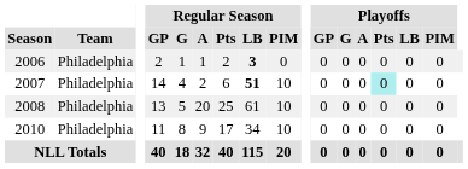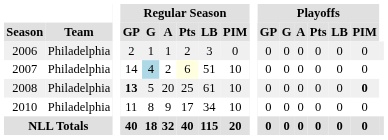 <table BORDER="0" CELLPADDING="3" CELLSPACING="0">
 <tr ALIGN="center" bgcolor="#e0e0e0">
 <th colspan="2" bgcolor="#ffffff"> </th>
 <th rowspan="99" bgcolor="#ffffff"> </th>
 <th colspan="6">Regular Season</th>
 <th rowspan="99" bgcolor="#ffffff"> </th>
 <th colspan="6">Playoffs</th>
 </tr>
 <tr ALIGN="center" bgcolor="#e0e0e0">
 <th>Season</th>
 <th>Team</th>
 <th>GP</th>
 <th>G</th>
 <th>A</th>
 <th>Pts</th>
 <th>LB</th>
 <th>PIM</th>
 <th>GP</th>
 <th>G</th>
 <th>A</th>
 <th>Pts</th>
 <th>LB</th>
 <th>PIM</th>
 </tr>
 <tr ALIGN="center" bgcolor="#f0f0f0">
 <td>2006</td>
 <td>Philadelphia</td>
 <td>2</td>
 <td>1</td>
 <td>1</td>
 <td>2</td>
-<td><strong>3</strong></td>
+<td>3</td>
 <td>0</td>
 <td>0</td>
 <td>0</td>
 <td>0</td>
 <td>0</td>
 <td>0</td>
 <td>0</td>
 <td></td>
 </tr>
 <tr ALIGN="center">
 <td>2007</td>
 <td>Philadelphia</td>
 <td>14</td>
-<td>4</td>
+<td style="background: lightblue;">4</td>
 <td>2</td>
-<td>6</td>
-<td><strong>51</strong></td>
+<td style="background: lightyellow;">6</td>
+<td>51</td>
 <td>10</td>
 <td>0</td>
 <td>0</td>
 <td>0</td>
-<td style="background: paleturquoise;">0</td>
+<td>0</td>
 <td>0</td>
 <td>0</td>
 <td></td>
 </tr>
 <tr ALIGN="center" bgcolor="#f0f0f0">
 <td>2008</td>
 <td>Philadelphia</td>
-<td>13</td>
+<td><strong>13</strong></td>
 <td>5</td>
 <td>20</td>
 <td>25</td>
 <td>61</td>
 <td>10</td>
 <td>0</td>
 <td>0</td>
 <td>0</td>
 <td>0</td>
 <td>0</td>
-<td>0</td>
+<td><strong>0</strong></td>
 </tr>
 <tr ALIGN="center">
 <td>2010</td>
 <td>Philadelphia</td>
 <td>11</td>
 <td>8</td>
 <td>9</td>
 <td>17</td>
 <td>34</td>
 <td>10</td>
 <td>0</td>
 <td>0</td>
 <td>0</td>
 <td>0</td>
 <td>0</td>
 <td>0</td>
 <td></td>
 </tr>
 <tr ALIGN="center" bgcolor="#e0e0e0">
 <th colspan="2">NLL Totals</th>
 <th>40</th>
 <th>18</th>
 <th>32</th>
 <th>40</th>
 <th>115</th>
 <th>20</th>
 <th>0</th>
 <th>0</th>
 <th>0</th>
 <th>0</th>
 <th>0</th>
 <th>0</th>
 <th></th>
 </tr>
 </table>
